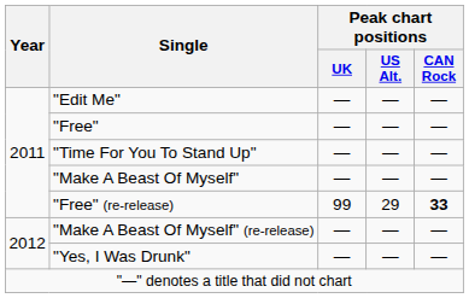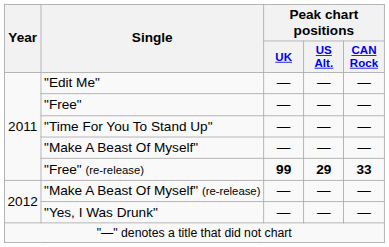 <table class="wikitable" style="text-align:center;">
 <tr>
 <th rowspan="2">Year</th>
 <th rowspan="2">Single</th>
 <th colspan="3">Peak chart positions</th>
 </tr>
 <tr>
 <th style="width:3em;font-size:85%"><a href='#'>UK</a></th>
 <th style="width:3em;font-size:85%"><a href='#'>US<br>Alt.</a></th>
 <th style="width:3em;font-size:85%"><a href='#'>CAN<br>Rock</a><br></th>
 </tr>
 <tr>
 <td rowspan="5">2011</td>
 <td style="text-align:left;">"Edit Me"</td>
 <td>—</td>
 <td>—</td>
 <td>—</td>
 </tr>
 <tr>
 <td style="text-align:left;">"Free"</td>
 <td>—</td>
 <td>—</td>
 <td>—</td>
 </tr>
 <tr>
 <td style="text-align:left;">"Time For You To Stand Up"</td>
 <td>—</td>
 <td>—</td>
 <td>—</td>
 </tr>
 <tr>
 <td style="text-align:left;">"Make A Beast Of Myself"</td>
 <td>—</td>
 <td>—</td>
 <td>—</td>
 </tr>
 <tr>
 <td style="text-align:left;">"Free" <small>(re-release)</small></td>
-<td>99</td>
-<td>29</td>
+<td><strong>99</strong></td>
+<td><strong>29</strong></td>
 <td><strong>33</strong></td>
 </tr>
 <tr>
 <td rowspan="2">2012</td>
 <td style="text-align:left;">"Make A Beast Of Myself" <small>(re-release)</small></td>
 <td>—</td>
 <td>—</td>
 <td>—</td>
 </tr>
 <tr>
 <td style="text-align:left;">"Yes, I Was Drunk"</td>
 <td>—</td>
 <td>—</td>
 <td>—</td>
 </tr>
 <tr>
 <td colspan="6" style="font-size:90%">"—" denotes a title that did not chart</td>
 </tr>
 </table>
